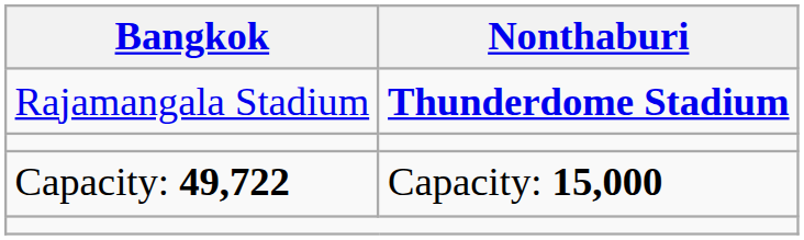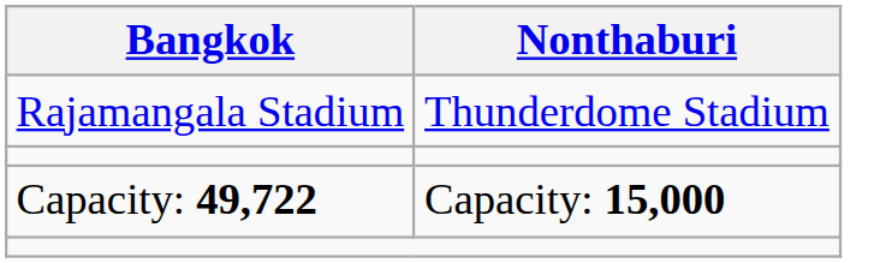 <table class="wikitable">
 <tr>
 <th><a href='#'>Bangkok</a></th>
 <th><a href='#'>Nonthaburi</a></th>
 </tr>
 <tr>
 <td><a href='#'>Rajamangala Stadium</a></td>
-<td><strong><a href='#'>Thunderdome Stadium</a></strong></td>
+<td><a href='#'>Thunderdome Stadium</a></td>
 </tr>
 <tr>
 <td></td>
 <td></td>
 </tr>
 <tr>
 <td>Capacity: <strong>49,722</strong></td>
 <td>Capacity: <strong>15,000</strong></td>
 </tr>
 <tr>
 <td colspan=2></td>
 </tr>
 </table>
